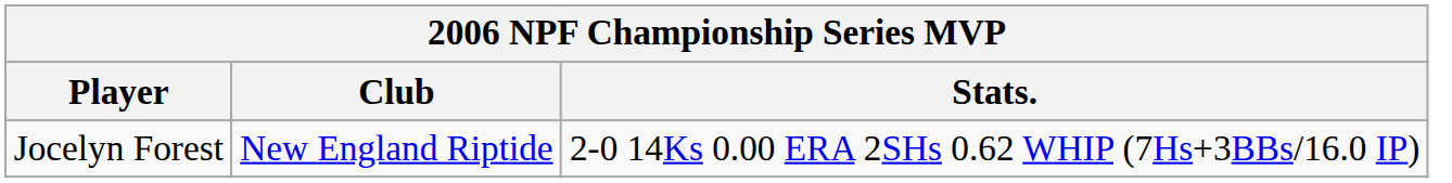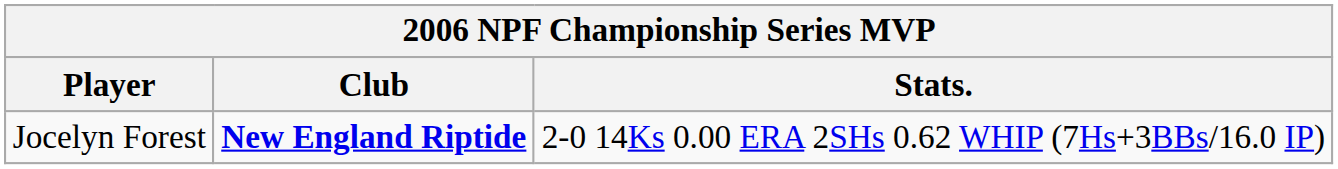 <table class="wikitable">
 <tr>
 <th colspan=3>2006 NPF Championship Series MVP</th>
 </tr>
 <tr>
 <th>Player</th>
 <th>Club</th>
 <th>Stats.</th>
 </tr>
 <tr>
 <td>Jocelyn Forest</td>
-<td><a href='#'>New England Riptide</a></td>
+<td><strong><a href='#'>New England Riptide</a></strong></td>
 <td>2-0 14<a href='#'>Ks</a> 0.00 <a href='#'>ERA</a> 2<a href='#'>SHs</a> 0.62 <a href='#'>WHIP</a> (7<a href='#'>Hs</a>+3<a href='#'>BBs</a>/16.0 <a href='#'>IP</a>)</td>
 </tr>
 </table>
